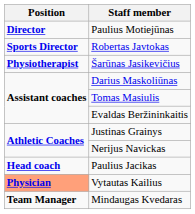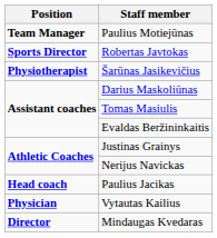 <table class="wikitable">
 <tr>
 <th>Position</th>
 <th>Staff member</th>
 </tr>
 <tr>
-<td><strong><a href='#'>Director</a></strong></td>
+<td><strong>Team Manager</strong></td>
 <td> Paulius Motiejūnas</td>
 </tr>
 <tr>
 <td><strong><a href='#'>Sports Director</a></strong></td>
 <td> <a href='#'>Robertas Javtokas</a></td>
 </tr>
 <tr>
 <td><strong><a href='#'>Physiotherapist</a></strong></td>
 <td> <a href='#'>Šarūnas Jasikevičius</a></td>
 </tr>
 <tr>
 <td rowspan=3><strong>Assistant coaches</strong></td>
 <td> <a href='#'>Darius Maskoliūnas</a></td>
 </tr>
 <tr>
 <td>  <a href='#'>Tomas Masiulis</a></td>
 </tr>
 <tr>
 <td>  Evaldas Beržininkaitis</td>
 </tr>
 <tr>
 <td rowspan=2><strong><a href='#'>Athletic Coaches</a></strong></td>
 <td> Justinas Grainys</td>
 </tr>
 <tr>
 <td> Nerijus Navickas</td>
 </tr>
 <tr>
 <td><strong><a href='#'>Head coach</a></strong></td>
 <td> Paulius Jacikas</td>
 </tr>
 <tr>
-<td style="background: lightsalmon;"><strong><a href='#'>Physician</a></strong></td>
+<td><strong><a href='#'>Physician</a></strong></td>
 <td> Vytautas Kailius</td>
 </tr>
 <tr>
-<td><strong>Team Manager</strong></td>
+<td><strong><a href='#'>Director</a></strong></td>
 <td> Mindaugas Kvedaras</td>
 </tr>
 </table>
